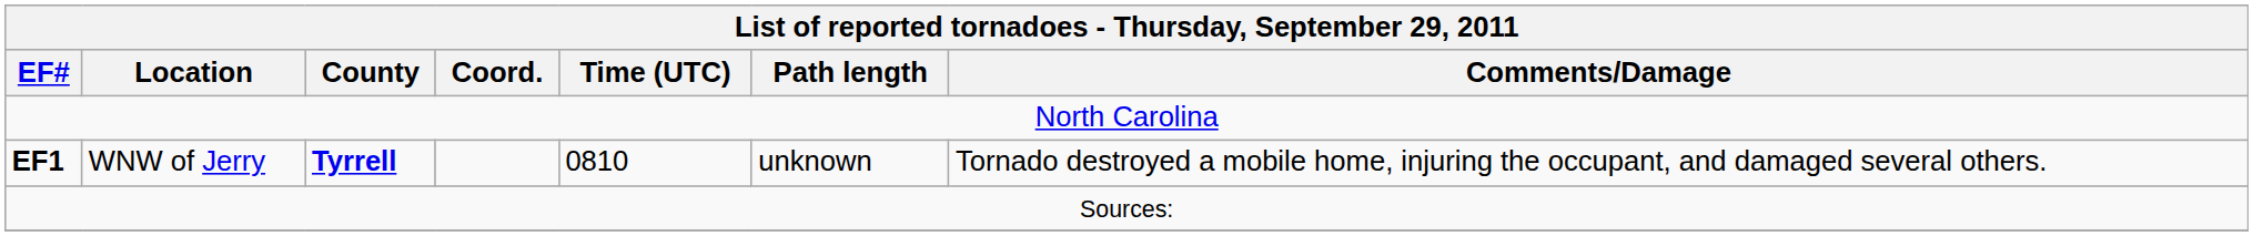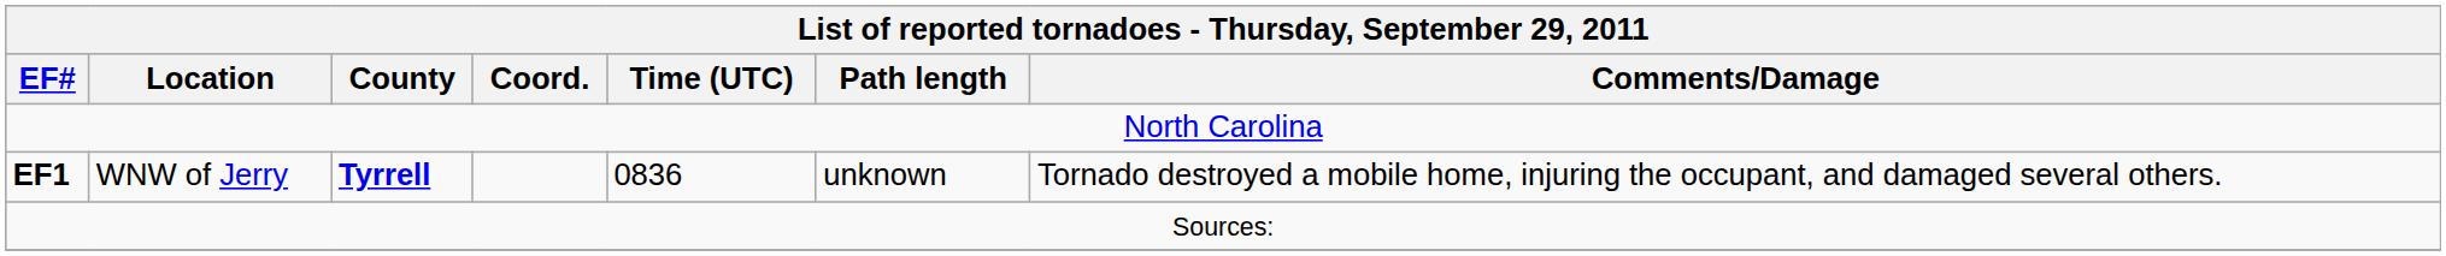 <table class="wikitable collapsible" width="100%">
 <tr>
 <th colspan="7">List of reported tornadoes - Thursday, September 29, 2011</th>
 </tr>
 <tr>
 <th><a href='#'>EF#</a></th>
 <th>Location</th>
 <th>County</th>
 <th>Coord.</th>
 <th>Time (UTC)</th>
 <th>Path length</th>
 <th>Comments/Damage</th>
 </tr>
 <tr>
 <td colspan="7" align=center><a href='#'>North Carolina</a></td>
 </tr>
 <tr>
 <td><strong>EF1</strong></td>
 <td>WNW of <a href='#'>Jerry</a></td>
 <td><strong><a href='#'>Tyrrell</a></strong></td>
 <td></td>
-<td>0810</td>
+<td>0836</td>
 <td>unknown</td>
 <td>Tornado destroyed a mobile home, injuring the occupant, and damaged several others.</td>
 </tr>
 <tr>
 <td colspan="7" align=center><small>Sources: </small></td>
 </tr>
 <tr>
 </tr>
 </table>
